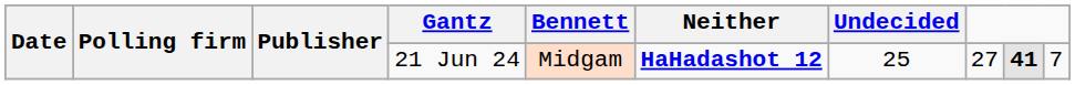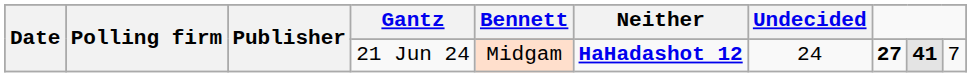 <table class="wikitable sortable" style="text-align:center; font-size:90%; line-height:13px">
 <tr>
 <th rowspan=2>Date</th>
 <th rowspan=2>Polling firm</th>
 <th rowspan=2>Publisher</th>
 <th><a href='#'>Gantz</a></th>
 <th><a href='#'>Bennett</a></th>
 <th>Neither</th>
 <th><a href='#'>Undecided</a></th>
 </tr>
 <tr>
 <td data-sort-value=2024-06-21>21 Jun 24</td>
 <td style=background:#FFDFCC>Midgam</td>
 <td><strong><a href='#'>HaHadashot 12</a></strong></td>
-<td>25					</td>
-<td>27					</td>
+<td>24					</td>
+<td><strong>27					</strong></td>
 <td style=background:#E4E4E4><strong>41</strong>	</td>
 <td>7					</td>
 </tr>
 </table>
